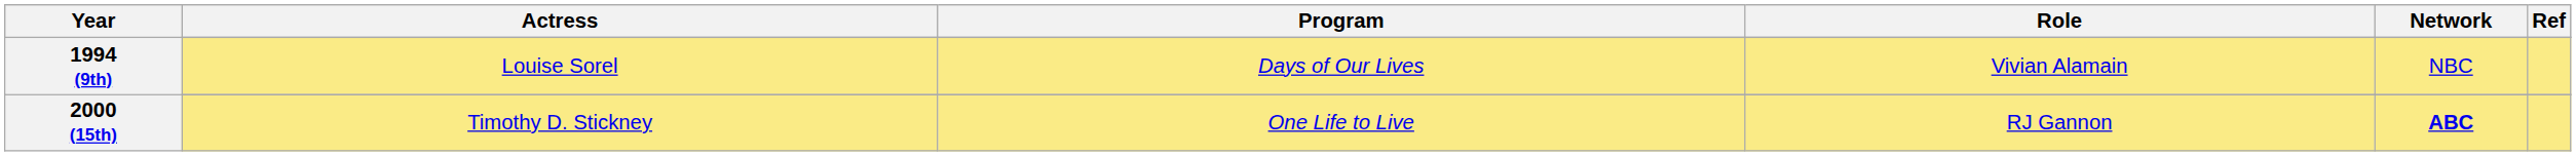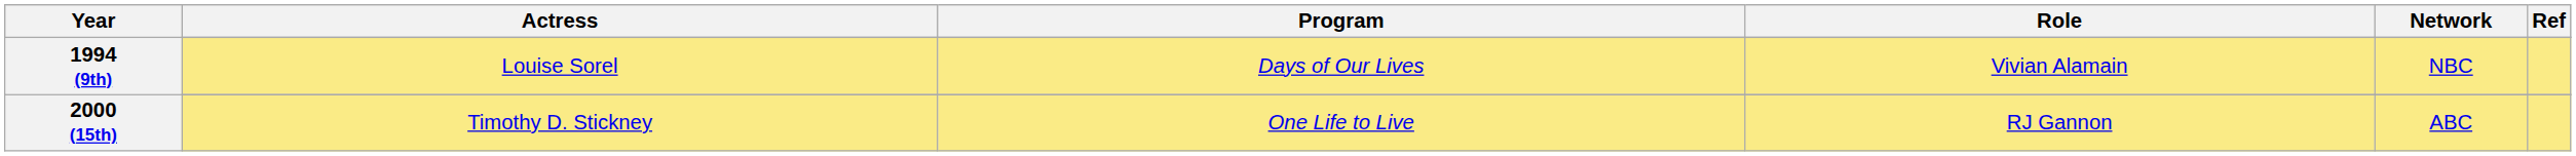 <table class="wikitable" style="text-align: center">
 <tr style="background:#bebebe;">
 <th style="width:7%;">Year</th>
 <th style="width:30%;">Actress</th>
 <th style="width:32%;">Program</th>
 <th style="width:25%;">Role</th>
 <th style="width:10%;">Network</th>
 <th style="width:4%;">Ref</th>
 </tr>
 <tr>
 <th scope=row rowspan=2 style="text-align:center">1994 <br><small><a href='#'>(9th)</a></small></th>
 </tr>
 <tr style="background:#FAEB86">
 <td><a href='#'>Louise Sorel</a> </td>
 <td><em><a href='#'>Days of Our Lives</a></em></td>
 <td><a href='#'>Vivian Alamain</a></td>
 <td><a href='#'>NBC</a></td>
 <td></td>
 </tr>
 <tr>
 <th scope=row rowspan=2 style="text-align:center">2000 <br><small><a href='#'>(15th)</a></small></th>
 </tr>
 <tr style="background:#FAEB86">
 <td><a href='#'>Timothy D. Stickney</a> </td>
 <td><em><a href='#'>One Life to Live</a></em></td>
 <td><a href='#'>RJ Gannon</a></td>
-<td><strong><a href='#'>ABC</a></strong></td>
+<td><a href='#'>ABC</a></td>
 <td></td>
 </tr>
 </table>
